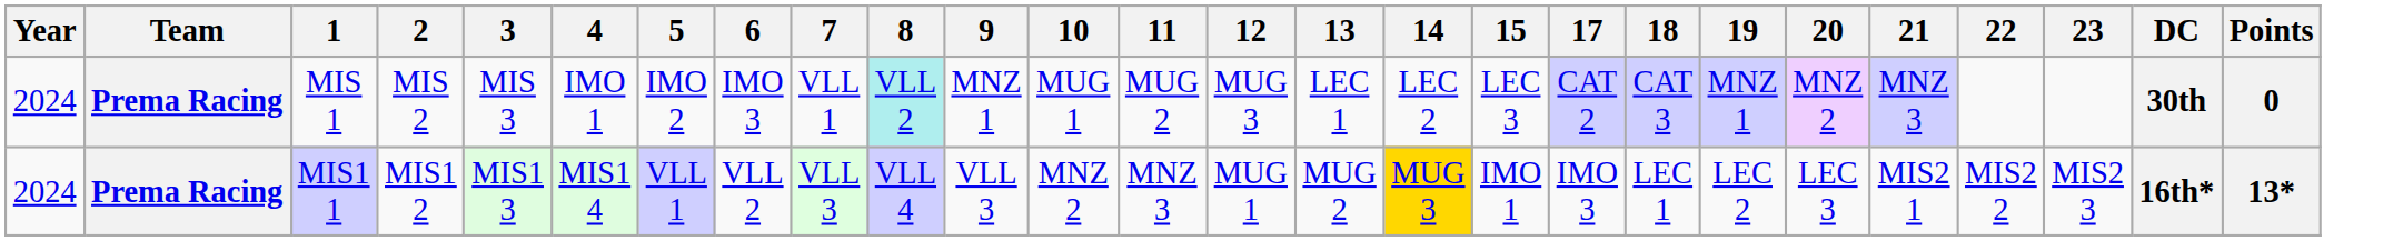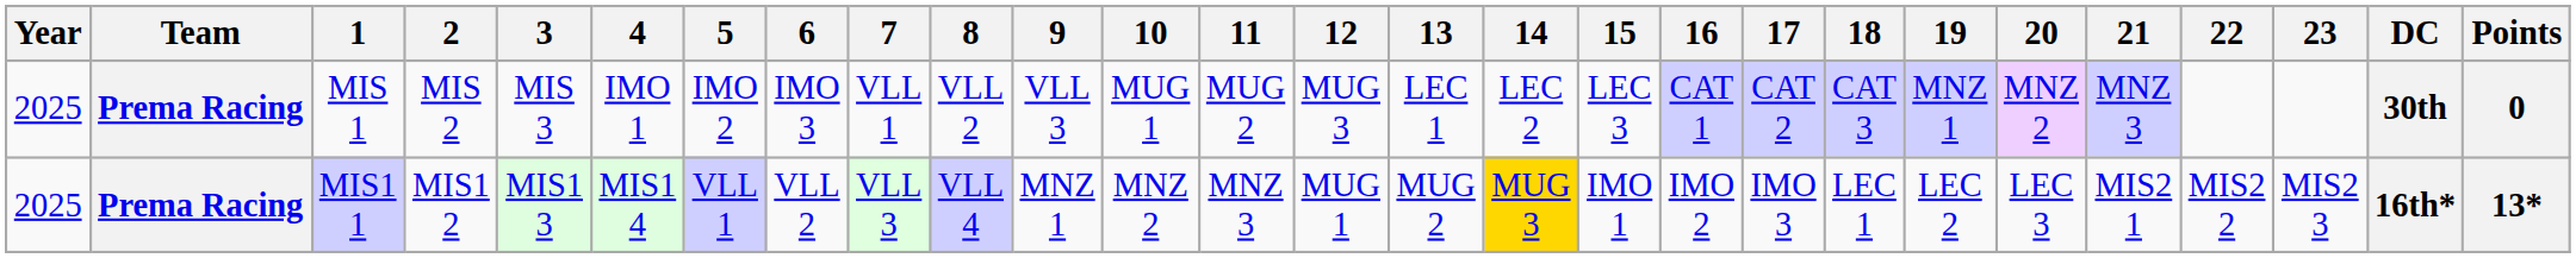 <table class="wikitable" style="text-align:center; font-size:85%">
 <tr>
 <th>Year</th>
 <th>Team</th>
 <th>1</th>
 <th>2</th>
 <th>3</th>
 <th>4</th>
 <th>5</th>
 <th>6</th>
 <th>7</th>
 <th>8</th>
 <th>9</th>
 <th>10</th>
 <th>11</th>
 <th>12</th>
 <th>13</th>
 <th>14</th>
 <th>15</th>
+<th>16</th>
 <th>17</th>
 <th>18</th>
 <th>19</th>
 <th>20</th>
 <th>21</th>
 <th>22</th>
 <th>23</th>
 <th>DC</th>
 <th>Points</th>
 </tr>
 <tr>
-<td><a href='#'>2024</a></td>
+<td><a href='#'>2025</a></td>
 <th nowrap><a href='#'>Prema Racing</a></th>
 <td><a href='#'>MIS<br>1</a></td>
 <td><a href='#'>MIS<br>2</a></td>
 <td><a href='#'>MIS<br>3</a></td>
 <td><a href='#'>IMO<br>1</a></td>
 <td><a href='#'>IMO<br>2</a></td>
 <td><a href='#'>IMO<br>3</a></td>
 <td><a href='#'>VLL<br>1</a></td>
-<td style="background: paleturquoise;"><a href='#'>VLL<br>2</a></td>
-<td><a href='#'>MNZ<br>1</a></td>
+<td><a href='#'>VLL<br>2</a></td>
+<td><a href='#'>VLL<br>3</a></td>
 <td><a href='#'>MUG<br>1</a></td>
 <td><a href='#'>MUG<br>2</a></td>
 <td><a href='#'>MUG<br>3</a></td>
 <td><a href='#'>LEC<br>1</a></td>
 <td><a href='#'>LEC<br>2</a></td>
 <td><a href='#'>LEC<br>3</a></td>
+<td style="background:#CFCFFF"><a href='#'>CAT<br>1</a><br></td>
 <td style="background:#CFCFFF"><a href='#'>CAT<br>2</a><br></td>
 <td style="background:#CFCFFF"><a href='#'>CAT<br>3</a><br></td>
 <td style="background:#CFCFFF"><a href='#'>MNZ<br>1</a><br></td>
 <td style="background:#EFCFFF"><a href='#'>MNZ<br>2</a><br></td>
 <td style="background:#CFCFFF"><a href='#'>MNZ<br>3</a><br></td>
 <td></td>
 <td></td>
 <th>30th</th>
 <th>0</th>
 </tr>
 <tr>
-<td><a href='#'>2024</a></td>
+<td><a href='#'>2025</a></td>
 <th><a href='#'>Prema Racing</a></th>
 <td style="background:#CFCFFF"><a href='#'>MIS1<br>1</a><br></td>
 <td><a href='#'>MIS1<br>2</a></td>
 <td style="background:#DFFDDF"><a href='#'>MIS1<br>3</a><br></td>
 <td style="background:#DFFDDF"><a href='#'>MIS1<br>4</a><br></td>
 <td style="background:#CFCFFF"><a href='#'>VLL<br>1</a><br></td>
 <td><a href='#'>VLL<br>2</a></td>
 <td style="background:#DFFFDF"><a href='#'>VLL<br>3</a><br></td>
 <td style="background:#CFCFFF"><a href='#'>VLL<br>4</a><br></td>
-<td><a href='#'>VLL<br>3</a></td>
+<td><a href='#'>MNZ<br>1</a></td>
 <td><a href='#'>MNZ<br>2</a></td>
 <td><a href='#'>MNZ<br>3</a></td>
 <td><a href='#'>MUG<br>1</a></td>
 <td><a href='#'>MUG<br>2</a></td>
 <td style="background: gold;"><a href='#'>MUG<br>3</a></td>
 <td><a href='#'>IMO<br>1</a></td>
+<td><a href='#'>IMO<br>2</a></td>
 <td><a href='#'>IMO<br>3</a></td>
 <td><a href='#'>LEC<br>1</a></td>
 <td><a href='#'>LEC<br>2</a></td>
 <td><a href='#'>LEC<br>3</a></td>
 <td><a href='#'>MIS2<br>1</a></td>
 <td><a href='#'>MIS2<br>2</a></td>
 <td><a href='#'>MIS2<br>3</a></td>
 <th>16th*</th>
 <th>13*</th>
 </tr>
 </table>
